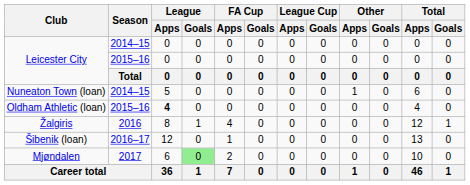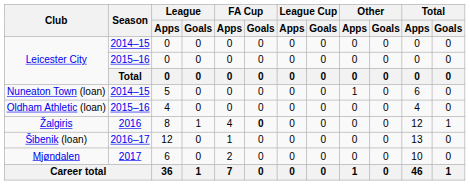 <table class="wikitable" style="text-align: center;">
 <tr>
 <th rowspan="2">Club</th>
 <th rowspan="2">Season</th>
 <th colspan="2">League</th>
 <th colspan="2">FA Cup</th>
 <th colspan="2">League Cup</th>
 <th colspan="2">Other</th>
 <th colspan="2">Total</th>
 </tr>
 <tr>
 <th>Apps</th>
 <th>Goals</th>
 <th>Apps</th>
 <th>Goals</th>
 <th>Apps</th>
 <th>Goals</th>
 <th>Apps</th>
 <th>Goals</th>
 <th>Apps</th>
 <th>Goals</th>
 </tr>
 <tr>
 <td rowspan="3"><a href='#'>Leicester City</a></td>
 <td><a href='#'>2014–15</a></td>
 <td>0</td>
 <td>0</td>
 <td>0</td>
 <td>0</td>
 <td>0</td>
 <td>0</td>
 <td>0</td>
 <td>0</td>
 <td>0</td>
 <td>0</td>
 </tr>
 <tr>
 <td><a href='#'>2015–16</a></td>
 <td>0</td>
 <td>0</td>
 <td>0</td>
 <td>0</td>
 <td>0</td>
 <td>0</td>
 <td>0</td>
 <td>0</td>
 <td>0</td>
 <td>0</td>
 </tr>
 <tr>
 <th>Total</th>
 <th>0</th>
 <th>0</th>
 <th>0</th>
 <th>0</th>
 <th>0</th>
 <th>0</th>
 <th>0</th>
 <th>0</th>
 <th>0</th>
 <th>0</th>
 </tr>
 <tr>
 <td rowspan="1"><a href='#'>Nuneaton Town</a> (loan)</td>
 <td><a href='#'>2014–15</a></td>
 <td>5</td>
 <td>0</td>
 <td>0</td>
 <td>0</td>
 <td>0</td>
 <td>0</td>
 <td>1</td>
 <td>0</td>
 <td>6</td>
 <td>0</td>
 </tr>
 <tr>
 <td rowspan="1"><a href='#'>Oldham Athletic</a> (loan)</td>
 <td><a href='#'>2015–16</a></td>
-<td><strong>4</strong></td>
+<td>4</td>
 <td>0</td>
 <td>0</td>
 <td>0</td>
 <td>0</td>
 <td>0</td>
 <td>0</td>
 <td>0</td>
 <td>4</td>
 <td>0</td>
 </tr>
 <tr>
 <td rowspan="1"><a href='#'>Žalgiris</a></td>
 <td><a href='#'>2016</a></td>
 <td>8</td>
 <td>1</td>
 <td>4</td>
-<td>0</td>
+<td><strong>0</strong></td>
 <td>0</td>
 <td>0</td>
 <td>0</td>
 <td>0</td>
 <td>12</td>
 <td>1</td>
 </tr>
 <tr>
 <td rowspan="1"><a href='#'>Šibenik</a> (loan)</td>
 <td><a href='#'>2016–17</a></td>
 <td>12</td>
 <td>0</td>
 <td>1</td>
 <td>0</td>
 <td>0</td>
 <td>0</td>
 <td>0</td>
 <td>0</td>
 <td>13</td>
 <td>0</td>
 </tr>
 <tr>
 <td rowspan="1"><a href='#'>Mjøndalen</a></td>
 <td><a href='#'>2017</a></td>
 <td>6</td>
-<td style="background: lightgreen;">0</td>
+<td>0</td>
 <td>2</td>
 <td>0</td>
 <td>0</td>
 <td>0</td>
 <td>0</td>
 <td>0</td>
 <td>10</td>
 <td>0</td>
 </tr>
 <tr>
 <th colspan="2">Career total</th>
 <th>36</th>
 <th>1</th>
 <th>7</th>
 <th>0</th>
 <th>0</th>
 <th>0</th>
 <th>1</th>
 <th>0</th>
 <th>46</th>
 <th>1</th>
 </tr>
 </table>
